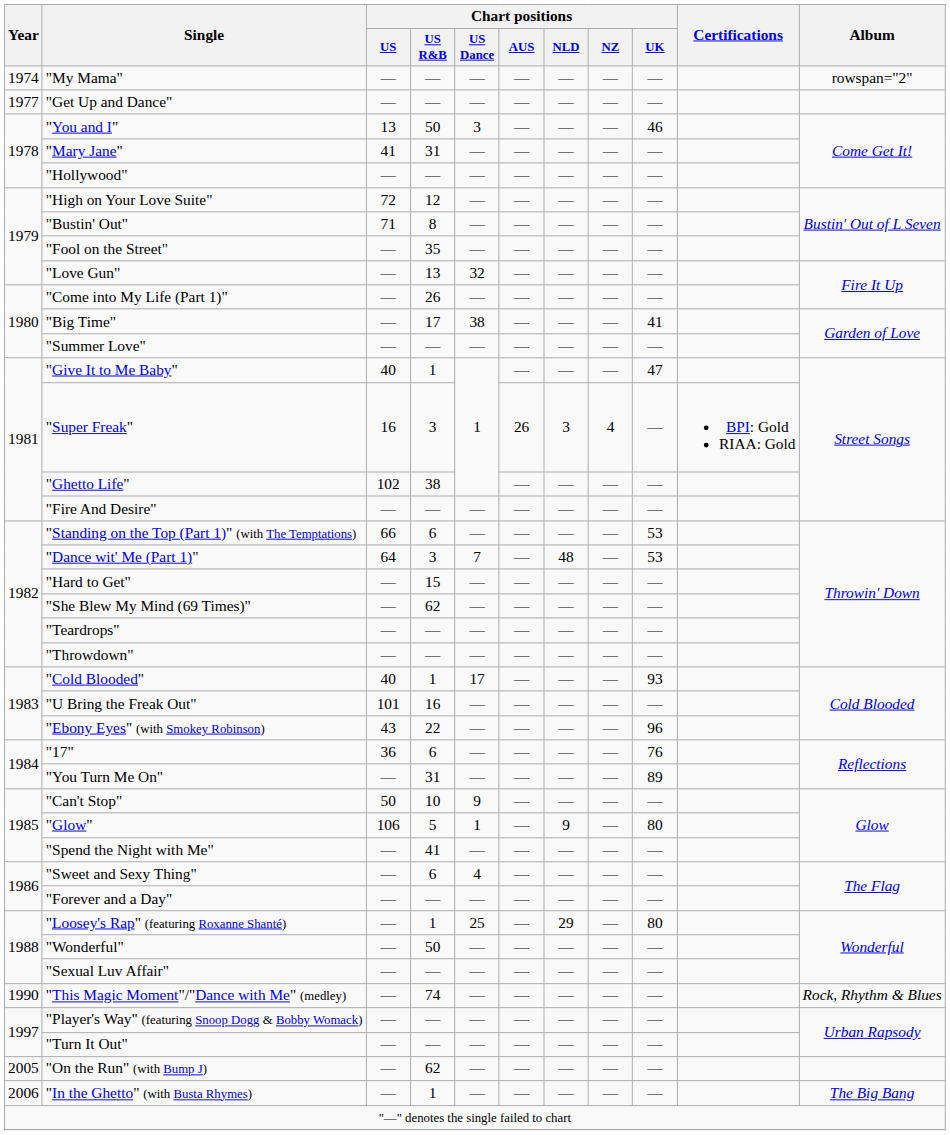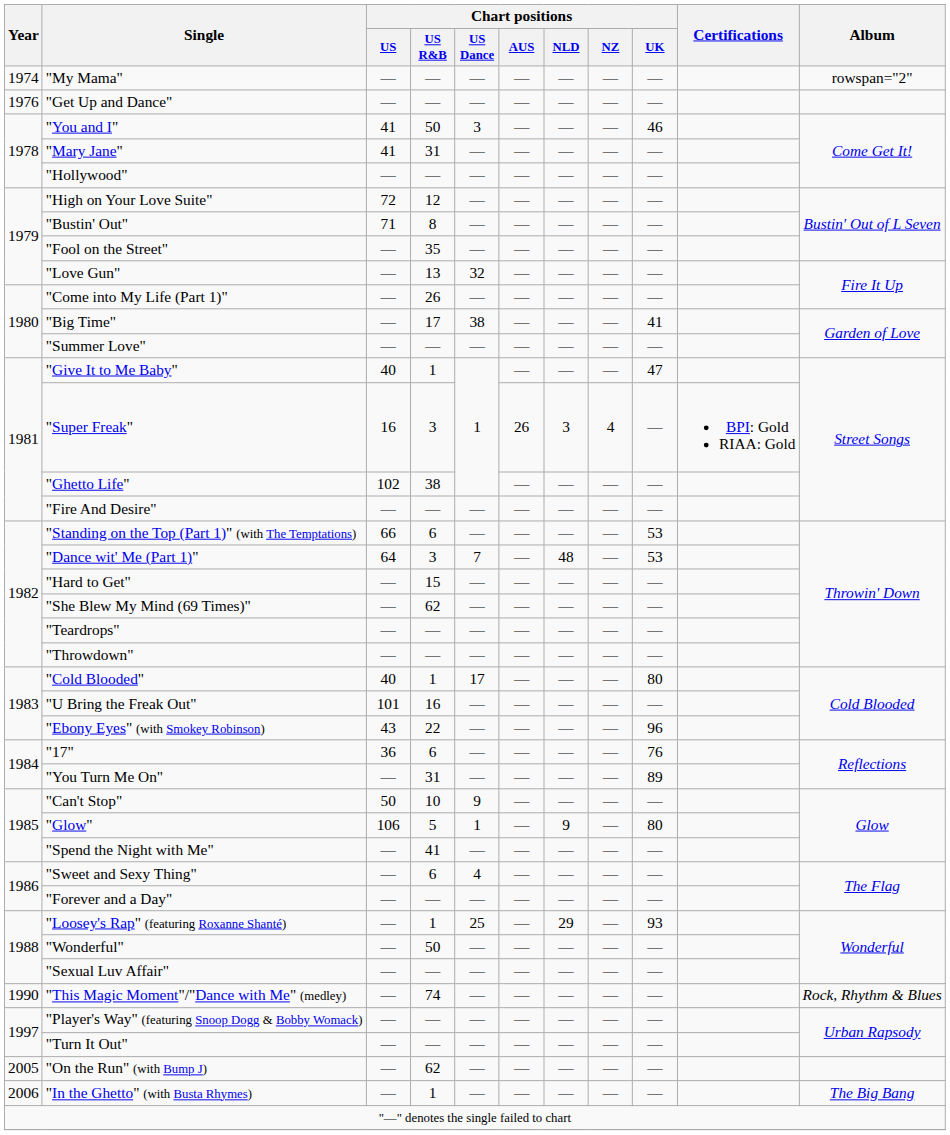 <table class="wikitable" style="text-align:center;">
 <tr>
 <th rowspan="2">Year</th>
 <th rowspan="2">Single</th>
 <th colspan="7">Chart positions</th>
 <th rowspan="2"><a href='#'>Certifications</a></th>
 <th rowspan="2">Album</th>
 </tr>
 <tr style="font-size:smaller;">
 <th width="40"><a href='#'>US</a><br></th>
 <th width="40"><a href='#'>US<br>R&B</a><br></th>
 <th width="40"><a href='#'>US<br>Dance</a><br></th>
 <th width="40"><a href='#'>AUS</a><br></th>
 <th width="40"><a href='#'>NLD</a><br></th>
 <th width="40"><a href='#'>NZ</a><br></th>
 <th width="40"><a href='#'>UK</a><br></th>
 </tr>
 <tr>
 <td>1974</td>
 <td align="left">"My Mama"</td>
 <td>—</td>
 <td>—</td>
 <td>—</td>
 <td>—</td>
 <td>—</td>
 <td>—</td>
 <td>—</td>
 <td></td>
 <td>rowspan="2" </td>
 </tr>
 <tr>
-<td>1977</td>
+<td>1976</td>
 <td align="left">"Get Up and Dance"</td>
 <td>—</td>
 <td>—</td>
 <td>—</td>
 <td>—</td>
 <td>—</td>
 <td>—</td>
 <td>—</td>
 <td></td>
 </tr>
 <tr>
 <td rowspan="3">1978</td>
 <td align="left">"<a href='#'>You and I</a>"</td>
-<td>13</td>
+<td>41</td>
 <td>50</td>
 <td>3</td>
 <td>—</td>
 <td>—</td>
 <td>—</td>
 <td>46</td>
 <td></td>
 <td rowspan="3"><em><a href='#'>Come Get It!</a></em></td>
 </tr>
 <tr>
 <td align="left">"<a href='#'>Mary Jane</a>"</td>
 <td>41</td>
 <td>31</td>
 <td>—</td>
 <td>—</td>
 <td>—</td>
 <td>—</td>
 <td>—</td>
 <td></td>
 </tr>
 <tr>
 <td align="left">"Hollywood"</td>
 <td>—</td>
 <td>—</td>
 <td>—</td>
 <td>—</td>
 <td>—</td>
 <td>—</td>
 <td>—</td>
 <td></td>
 </tr>
 <tr>
 <td rowspan="4">1979</td>
 <td align="left">"High on Your Love Suite"</td>
 <td>72</td>
 <td>12</td>
 <td>—</td>
 <td>—</td>
 <td>—</td>
 <td>—</td>
 <td>—</td>
 <td></td>
 <td rowspan="3"><em><a href='#'>Bustin' Out of L Seven</a></em></td>
 </tr>
 <tr>
 <td align="left">"Bustin' Out"</td>
 <td>71</td>
 <td>8</td>
 <td>—</td>
 <td>—</td>
 <td>—</td>
 <td>—</td>
 <td>—</td>
 <td></td>
 </tr>
 <tr>
 <td align="left">"Fool on the Street"</td>
 <td>—</td>
 <td>35</td>
 <td>—</td>
 <td>—</td>
 <td>—</td>
 <td>—</td>
 <td>—</td>
 <td></td>
 </tr>
 <tr>
 <td align="left">"Love Gun"</td>
 <td>—</td>
 <td>13</td>
 <td>32</td>
 <td>—</td>
 <td>—</td>
 <td>—</td>
 <td>—</td>
 <td></td>
 <td rowspan="2"><em><a href='#'>Fire It Up</a></em></td>
 </tr>
 <tr>
 <td rowspan="3">1980</td>
 <td align="left">"Come into My Life (Part 1)"</td>
 <td>—</td>
 <td>26</td>
 <td>—</td>
 <td>—</td>
 <td>—</td>
 <td>—</td>
 <td>—</td>
 <td></td>
 </tr>
 <tr>
 <td align="left">"Big Time"</td>
 <td>—</td>
 <td>17</td>
 <td>38</td>
 <td>—</td>
 <td>—</td>
 <td>—</td>
 <td>41</td>
 <td></td>
 <td rowspan="2"><em><a href='#'>Garden of Love</a></em></td>
 </tr>
 <tr>
 <td align="left">"Summer Love"</td>
 <td>—</td>
 <td>—</td>
 <td>—</td>
 <td>—</td>
 <td>—</td>
 <td>—</td>
 <td>—</td>
 </tr>
 <tr>
 <td rowspan="4">1981</td>
 <td align="left">"<a href='#'>Give It to Me Baby</a>"</td>
 <td>40</td>
 <td>1</td>
 <td rowspan="3">1</td>
 <td>—</td>
 <td>—</td>
 <td>—</td>
 <td>47</td>
 <td></td>
 <td rowspan="4"><em><a href='#'>Street Songs</a></em></td>
 </tr>
 <tr>
 <td align="left">"<a href='#'>Super Freak</a>"</td>
 <td>16</td>
 <td>3</td>
 <td>26</td>
 <td>3</td>
 <td>4</td>
 <td>—</td>
 <td><br><ul><li><a href='#'>BPI</a>: Gold</li><li>RIAA: Gold</li></ul></td>
 </tr>
 <tr>
 <td align="left">"<a href='#'>Ghetto Life</a>"</td>
 <td>102</td>
 <td>38</td>
 <td>—</td>
 <td>—</td>
 <td>—</td>
 <td>—</td>
 <td></td>
 </tr>
 <tr>
 <td align="left">"Fire And Desire"</td>
 <td>—</td>
 <td>—</td>
 <td>—</td>
 <td>—</td>
 <td>—</td>
 <td>—</td>
 <td>—</td>
 <td></td>
 </tr>
 <tr>
 <td rowspan="6">1982</td>
 <td align="left">"<a href='#'>Standing on the Top (Part 1)</a>" <small>(with <a href='#'>The Temptations</a>)</small></td>
 <td>66</td>
 <td>6</td>
 <td>—</td>
 <td>—</td>
 <td>—</td>
 <td>—</td>
 <td>53</td>
 <td></td>
 <td rowspan="6"><em><a href='#'>Throwin' Down</a></em></td>
 </tr>
 <tr>
 <td align="left">"<a href='#'>Dance wit' Me (Part 1)</a>"</td>
 <td>64</td>
 <td>3</td>
 <td>7</td>
 <td>—</td>
 <td>48</td>
 <td>—</td>
 <td>53</td>
 <td></td>
 </tr>
 <tr>
 <td align="left">"Hard to Get"</td>
 <td>—</td>
 <td>15</td>
 <td>—</td>
 <td>—</td>
 <td>—</td>
 <td>—</td>
 <td>—</td>
 <td></td>
 </tr>
 <tr>
 <td align="left">"She Blew My Mind (69 Times)"</td>
 <td>—</td>
 <td>62</td>
 <td>—</td>
 <td>—</td>
 <td>—</td>
 <td>—</td>
 <td>—</td>
 <td></td>
 </tr>
 <tr>
 <td align="left">"Teardrops"</td>
 <td>—</td>
 <td>—</td>
 <td>—</td>
 <td>—</td>
 <td>—</td>
 <td>—</td>
 <td>—</td>
 <td></td>
 </tr>
 <tr>
 <td align="left">"Throwdown"</td>
 <td>—</td>
 <td>—</td>
 <td>—</td>
 <td>—</td>
 <td>—</td>
 <td>—</td>
 <td>—</td>
 </tr>
 <tr>
 <td rowspan="3">1983</td>
 <td align="left">"<a href='#'>Cold Blooded</a>"</td>
 <td>40</td>
 <td>1</td>
 <td>17</td>
 <td>—</td>
 <td>—</td>
 <td>—</td>
-<td>93</td>
+<td>80</td>
 <td></td>
 <td rowspan="3"><em><a href='#'>Cold Blooded</a></em></td>
 </tr>
 <tr>
 <td align="left">"U Bring the Freak Out"</td>
 <td>101</td>
 <td>16</td>
 <td>—</td>
 <td>—</td>
 <td>—</td>
 <td>—</td>
 <td>—</td>
 <td></td>
 </tr>
 <tr>
 <td align="left">"<a href='#'>Ebony Eyes</a>" <small>(with <a href='#'>Smokey Robinson</a>)</small></td>
 <td>43</td>
 <td>22</td>
 <td>—</td>
 <td>—</td>
 <td>—</td>
 <td>—</td>
 <td>96</td>
 <td></td>
 </tr>
 <tr>
 <td rowspan="2">1984</td>
 <td align="left">"17"</td>
 <td>36</td>
 <td>6</td>
 <td>—</td>
 <td>—</td>
 <td>—</td>
 <td>—</td>
 <td>76</td>
 <td></td>
 <td rowspan="2"><em><a href='#'>Reflections</a></em></td>
 </tr>
 <tr>
 <td align="left">"You Turn Me On"</td>
 <td>—</td>
 <td>31</td>
 <td>—</td>
 <td>—</td>
 <td>—</td>
 <td>—</td>
 <td>89</td>
 <td></td>
 </tr>
 <tr>
 <td rowspan="3">1985</td>
 <td align="left">"Can't Stop"</td>
 <td>50</td>
 <td>10</td>
 <td>9</td>
 <td>—</td>
 <td>—</td>
 <td>—</td>
 <td>—</td>
 <td></td>
 <td rowspan="3"><em><a href='#'>Glow</a></em></td>
 </tr>
 <tr>
 <td align="left">"<a href='#'>Glow</a>"</td>
 <td>106</td>
 <td>5</td>
 <td>1</td>
 <td>—</td>
 <td>9</td>
 <td>—</td>
 <td>80</td>
 <td></td>
 </tr>
 <tr>
 <td align="left">"Spend the Night with Me"</td>
 <td>—</td>
 <td>41</td>
 <td>—</td>
 <td>—</td>
 <td>—</td>
 <td>—</td>
 <td>—</td>
 <td></td>
 </tr>
 <tr>
 <td rowspan="2">1986</td>
 <td align="left">"Sweet and Sexy Thing"</td>
 <td>—</td>
 <td>6</td>
 <td>4</td>
 <td>—</td>
 <td>—</td>
 <td>—</td>
 <td>—</td>
 <td></td>
 <td rowspan="2"><em><a href='#'>The Flag</a></em></td>
 </tr>
 <tr>
 <td align="left">"Forever and a Day"</td>
 <td>—</td>
 <td>—</td>
 <td>—</td>
 <td>—</td>
 <td>—</td>
 <td>—</td>
 <td>—</td>
 <td></td>
 </tr>
 <tr>
 <td rowspan="3">1988</td>
 <td align="left">"<a href='#'>Loosey's Rap</a>" <small>(featuring <a href='#'>Roxanne Shanté</a>)</small></td>
 <td>—</td>
 <td>1</td>
 <td>25</td>
 <td>—</td>
 <td>29</td>
 <td>—</td>
-<td>80</td>
+<td>93</td>
 <td></td>
 <td rowspan="3"><em><a href='#'>Wonderful</a></em></td>
 </tr>
 <tr>
 <td align="left">"Wonderful"</td>
 <td>—</td>
 <td>50</td>
 <td>—</td>
 <td>—</td>
 <td>—</td>
 <td>—</td>
 <td>—</td>
 <td></td>
 </tr>
 <tr>
 <td align="left">"Sexual Luv Affair"</td>
 <td>—</td>
 <td>—</td>
 <td>—</td>
 <td>—</td>
 <td>—</td>
 <td>—</td>
 <td>—</td>
 <td></td>
 </tr>
 <tr>
 <td>1990</td>
 <td align="left">"<a href='#'>This Magic Moment</a>"/"<a href='#'>Dance with Me</a>" <small>(medley)</small></td>
 <td>—</td>
 <td>74</td>
 <td>—</td>
 <td>—</td>
 <td>—</td>
 <td>—</td>
 <td>—</td>
 <td></td>
 <td><em>Rock, Rhythm & Blues</em></td>
 </tr>
 <tr>
 <td rowspan="2">1997</td>
 <td align="left">"Player's Way" <small>(featuring <a href='#'>Snoop Dogg</a> & <a href='#'>Bobby Womack</a>)</small></td>
 <td>—</td>
 <td>—</td>
 <td>—</td>
 <td>—</td>
 <td>—</td>
 <td>—</td>
 <td>—</td>
 <td></td>
 <td rowspan="2"><em><a href='#'>Urban Rapsody</a></em></td>
 </tr>
 <tr>
 <td align="left">"Turn It Out"</td>
 <td>—</td>
 <td>—</td>
 <td>—</td>
 <td>—</td>
 <td>—</td>
 <td>—</td>
 <td>—</td>
 <td></td>
 </tr>
 <tr>
 <td>2005</td>
 <td align="left">"On the Run" <small>(with <a href='#'>Bump J</a>)</small></td>
 <td>—</td>
 <td>62</td>
 <td>—</td>
 <td>—</td>
 <td>—</td>
 <td>—</td>
 <td>—</td>
 <td></td>
 <td></td>
 </tr>
 <tr>
 <td>2006</td>
 <td align="left">"<a href='#'>In the Ghetto</a>" <small>(with <a href='#'>Busta Rhymes</a>)</small></td>
 <td>—</td>
 <td>1</td>
 <td>—</td>
 <td>—</td>
 <td>—</td>
 <td>—</td>
 <td>—</td>
 <td></td>
 <td><em><a href='#'>The Big Bang</a></em></td>
 </tr>
 <tr>
 <td colspan="11" align="center"><small>"—" denotes the single failed to chart</small></td>
 </tr>
 <tr>
 </tr>
 </table>
